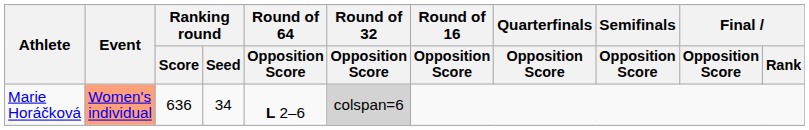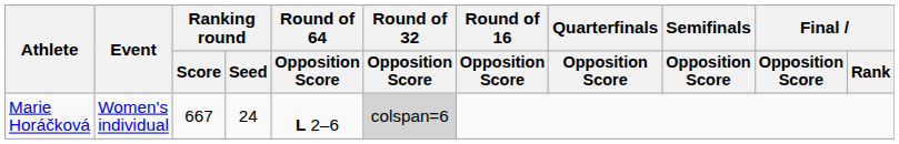 <table class="wikitable" style="font-size:90%">
 <tr>
 <th rowspan=2>Athlete</th>
 <th rowspan=2>Event</th>
 <th colspan="2">Ranking round</th>
 <th>Round of 64</th>
 <th>Round of 32</th>
 <th>Round of 16</th>
 <th>Quarterfinals</th>
 <th>Semifinals</th>
 <th colspan="2">Final / </th>
 </tr>
 <tr style="font-size:95%">
 <th>Score</th>
 <th>Seed</th>
 <th>Opposition<br>Score</th>
 <th>Opposition<br>Score</th>
 <th>Opposition<br>Score</th>
 <th>Opposition<br>Score</th>
 <th>Opposition<br>Score</th>
 <th>Opposition<br>Score</th>
 <th>Rank</th>
 </tr>
 <tr align=center>
 <td align=left><a href='#'>Marie Horáčková</a></td>
-<td align=left style="background: lightsalmon;"><a href='#'>Women's individual</a></td>
-<td>636</td>
-<td>34</td>
+<td align=left><a href='#'>Women's individual</a></td>
+<td>667</td>
+<td>24</td>
 <td><br><strong>L</strong> 2–6</td>
 <td style="background: lightgrey;">colspan=6 </td>
 </tr>
 </table>
